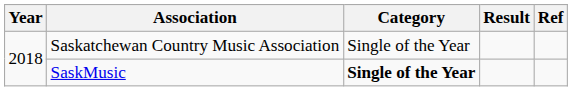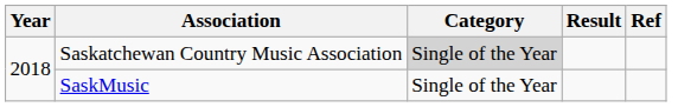 <table class="wikitable">
 <tr>
 <th>Year</th>
 <th>Association</th>
 <th>Category</th>
 <th>Result</th>
 <th>Ref</th>
 </tr>
 <tr>
 <td rowspan="2">2018</td>
 <td>Saskatchewan Country Music Association</td>
-<td>Single of the Year</td>
+<td style="background: lightgrey;">Single of the Year</td>
 <td></td>
 <td></td>
 </tr>
 <tr>
 <td><a href='#'>SaskMusic</a></td>
-<td><strong>Single of the Year</strong></td>
+<td>Single of the Year</td>
 <td></td>
 <td></td>
 </tr>
 </table>
